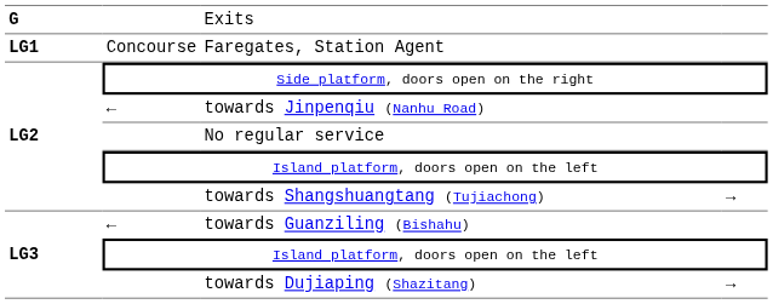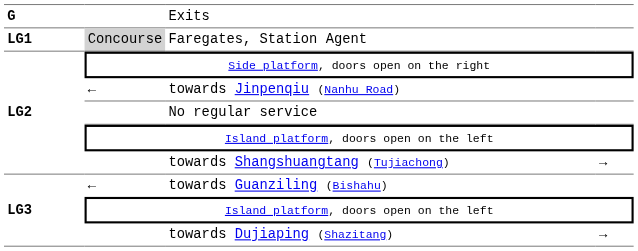 <table table border=0 cellspacing=0 cellpadding=3>
 <tr>
 <td style="border-bottom:solid 1px gray; border-top:solid 1px gray;" valign=top><strong>G</strong></td>
 <td style="border-bottom:solid 1px gray; border-top:solid 1px gray;" valign=top></td>
 <td style="border-bottom:solid 1px gray; border-top:solid 1px gray;" valign=top>Exits</td>
 <td style="border-bottom:solid 1px gray; border-top:solid 1px gray;" valign=top></td>
 </tr>
 <tr>
 <td style="border-bottom:solid 1px gray;" width=70><strong>LG1</strong></td>
-<td style="border-bottom:solid 1px gray;" width=70>Concourse</td>
+<td style="background: lightgrey; border-bottom:solid 1px gray;" width=70>Concourse</td>
 <td style="border-bottom:solid 1px gray;" width=400>Faregates, Station Agent</td>
 <td style="border-bottom:solid 1px gray;" width=30></td>
 </tr>
 <tr>
 <td style="border-bottom:solid 1px gray;" rowspan=5><strong>LG2</strong></td>
 <td style="border-right:solid 2px black;border-left:solid 2px black;border-top:solid 2px black;border-bottom:solid 2px black;text-align:center;" colspan=3><small><a href='#'>Side platform</a>, doors open on the right</small></td>
 </tr>
 <tr>
 <td style="border-bottom:solid 1px gray;">←</td>
 <td style="border-bottom:solid 1px gray;"> towards <a href='#'>Jinpenqiu</a> <small>(<a href='#'>Nanhu Road</a>)</small></td>
 <td style="border-bottom:solid 1px gray;"></td>
 </tr>
 <tr>
 <td style="border-bottom:solid 1px gray;"></td>
 <td style="border-bottom:solid 1px gray;">No regular service</td>
 <td style="border-bottom:solid 1px gray;"></td>
 </tr>
 <tr>
 <td style="border-right:solid 2px black;border-left:solid 2px black;border-top:solid 2px black;border-bottom:solid 2px black;text-align:center;" colspan=3><small><a href='#'>Island platform</a>, doors open on the left</small></td>
 </tr>
 <tr>
 <td style="border-bottom:solid 1px gray;"></td>
 <td style="border-bottom:solid 1px gray;"> towards <a href='#'>Shangshuangtang</a> <small>(<a href='#'>Tujiachong</a>)</small></td>
 <td style="border-bottom:solid 1px gray;">→</td>
 </tr>
 <tr>
 <td style="border-bottom:solid 1px gray;" rowspan=3><strong>LG3</strong></td>
 <td>←</td>
 <td> towards <a href='#'>Guanziling</a> <small>(<a href='#'>Bishahu</a>)</small></td>
 <td></td>
 </tr>
 <tr>
 <td style="border-right:solid 2px black;border-left:solid 2px black;border-top:solid 2px black;border-bottom:solid 2px black;text-align:center;" colspan=3><small><a href='#'>Island platform</a>, doors open on the left</small></td>
 </tr>
 <tr>
 <td style="border-bottom:solid 1px gray;"></td>
 <td style="border-bottom:solid 1px gray;"> towards <a href='#'>Dujiaping</a> <small>(<a href='#'>Shazitang</a>)</small></td>
 <td style="border-bottom:solid 1px gray;">→</td>
 </tr>
 <tr>
 </tr>
 </table>
